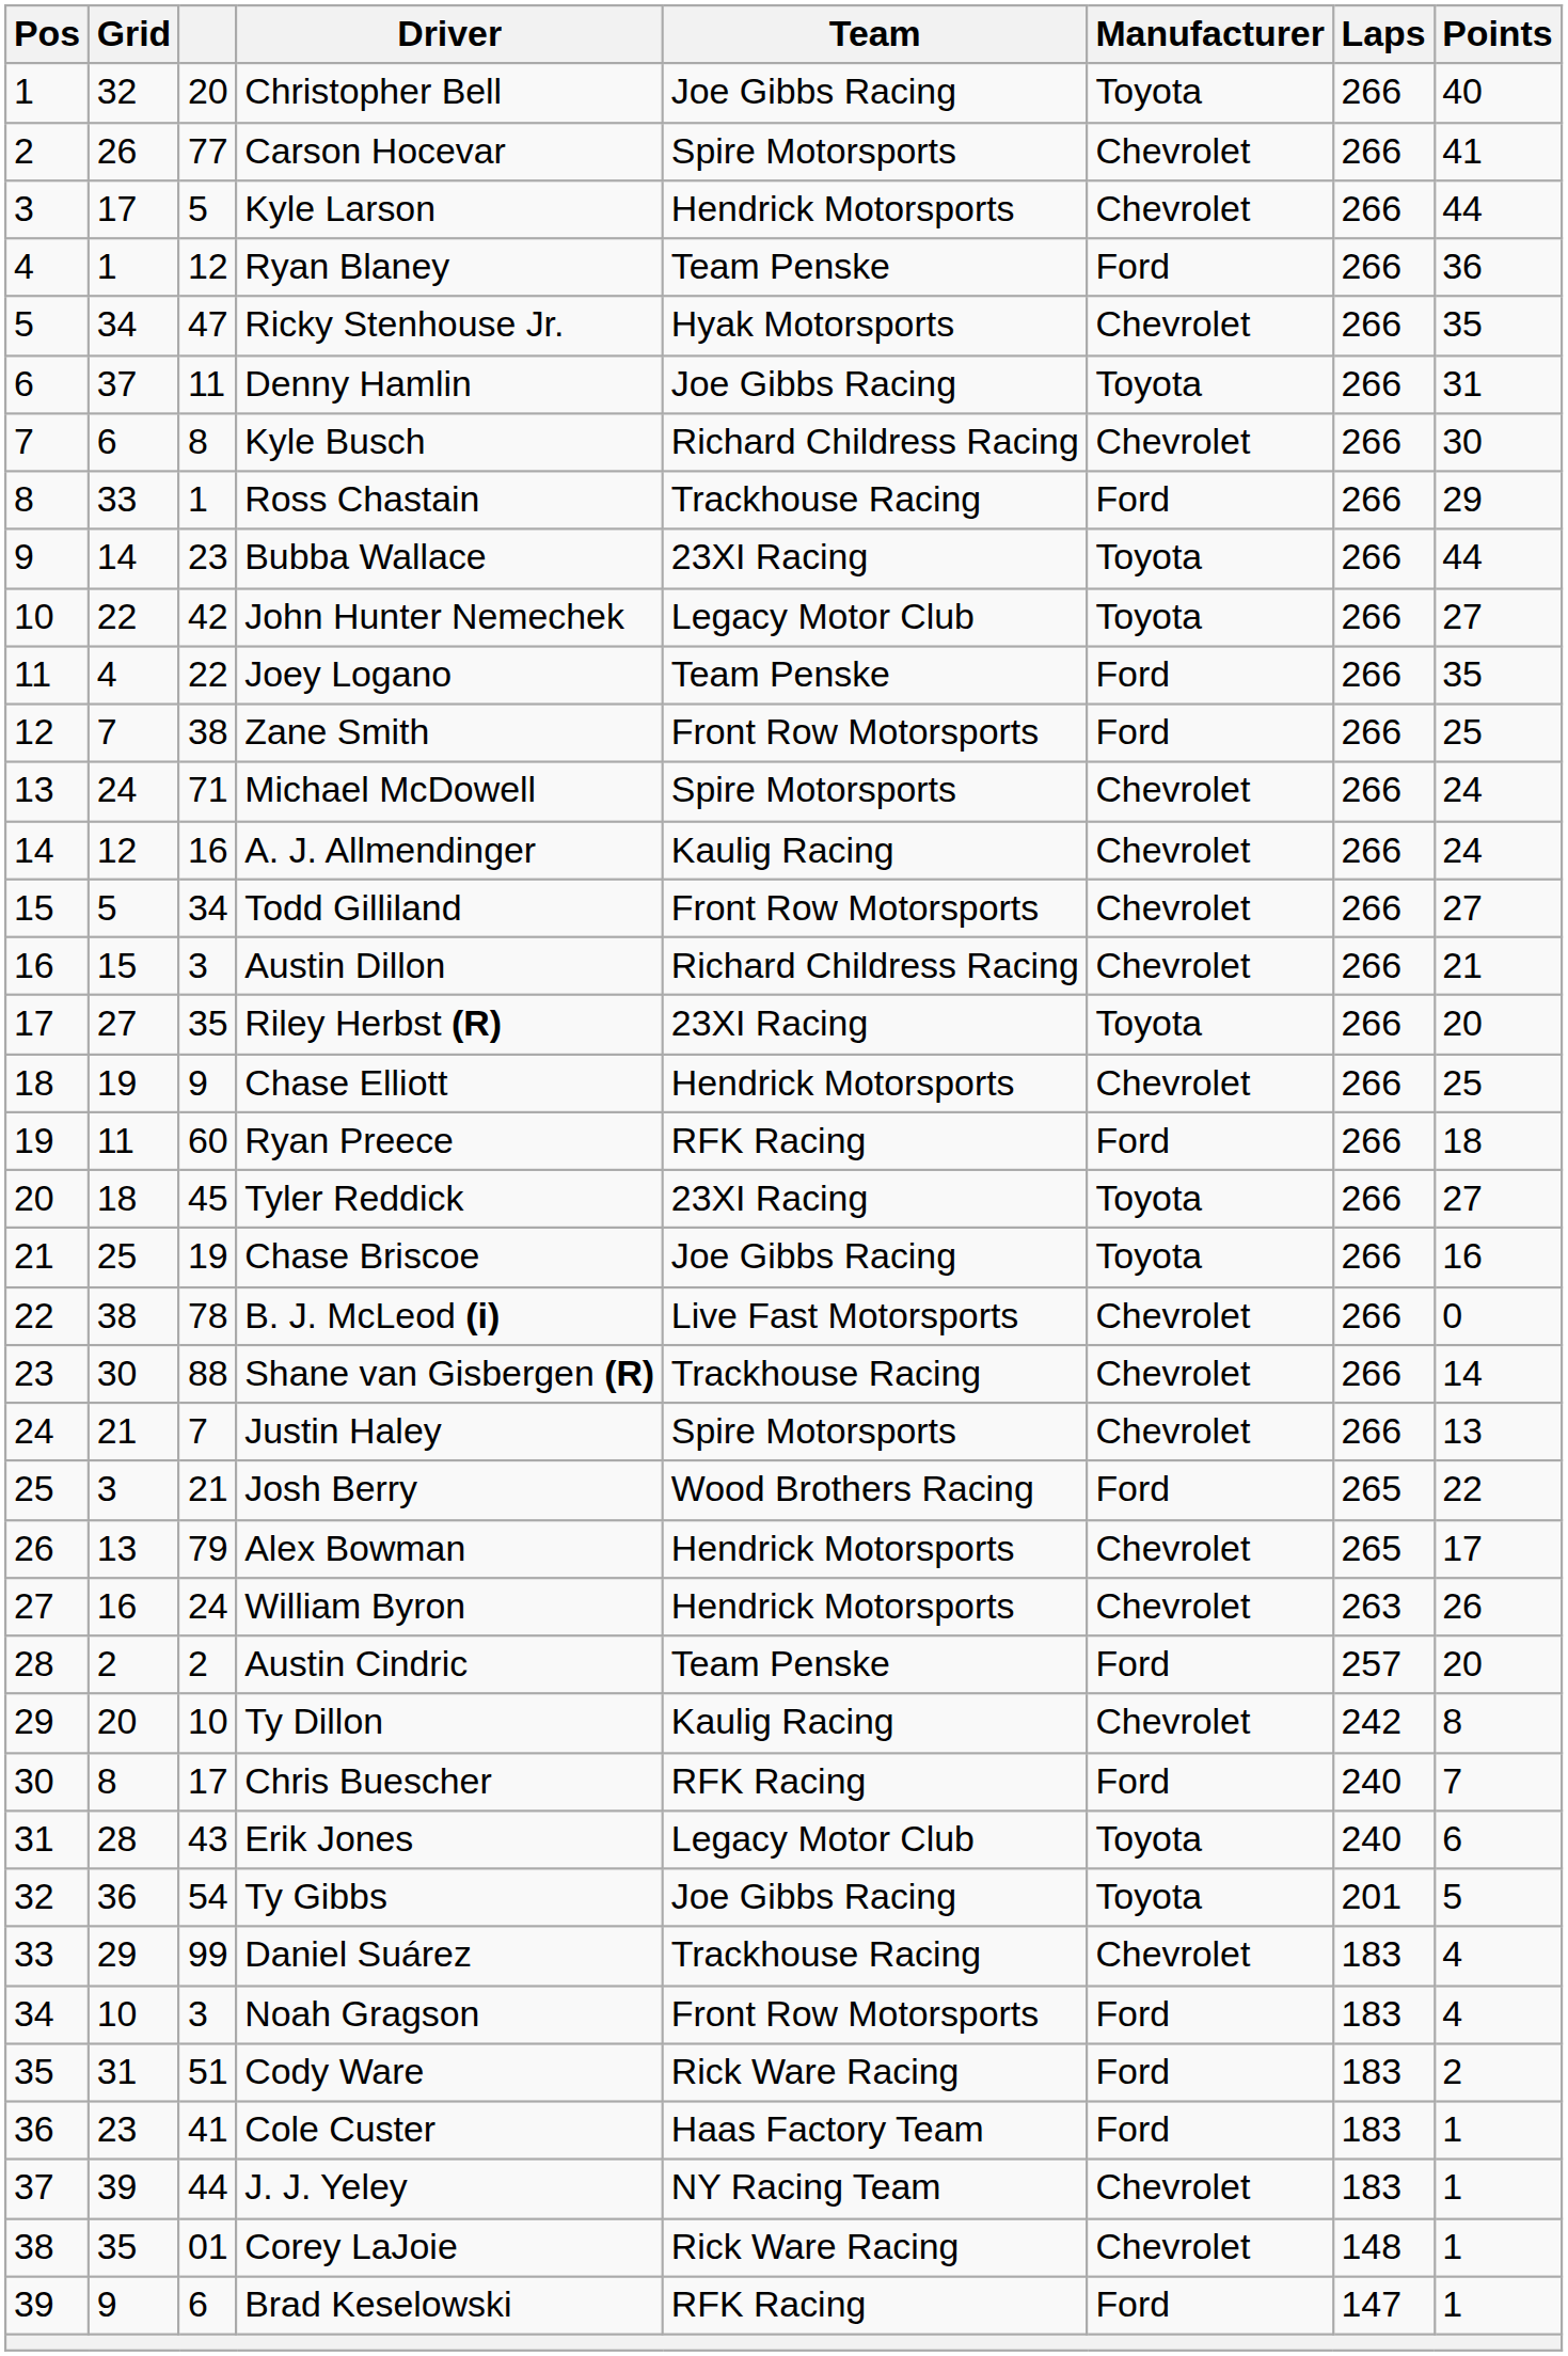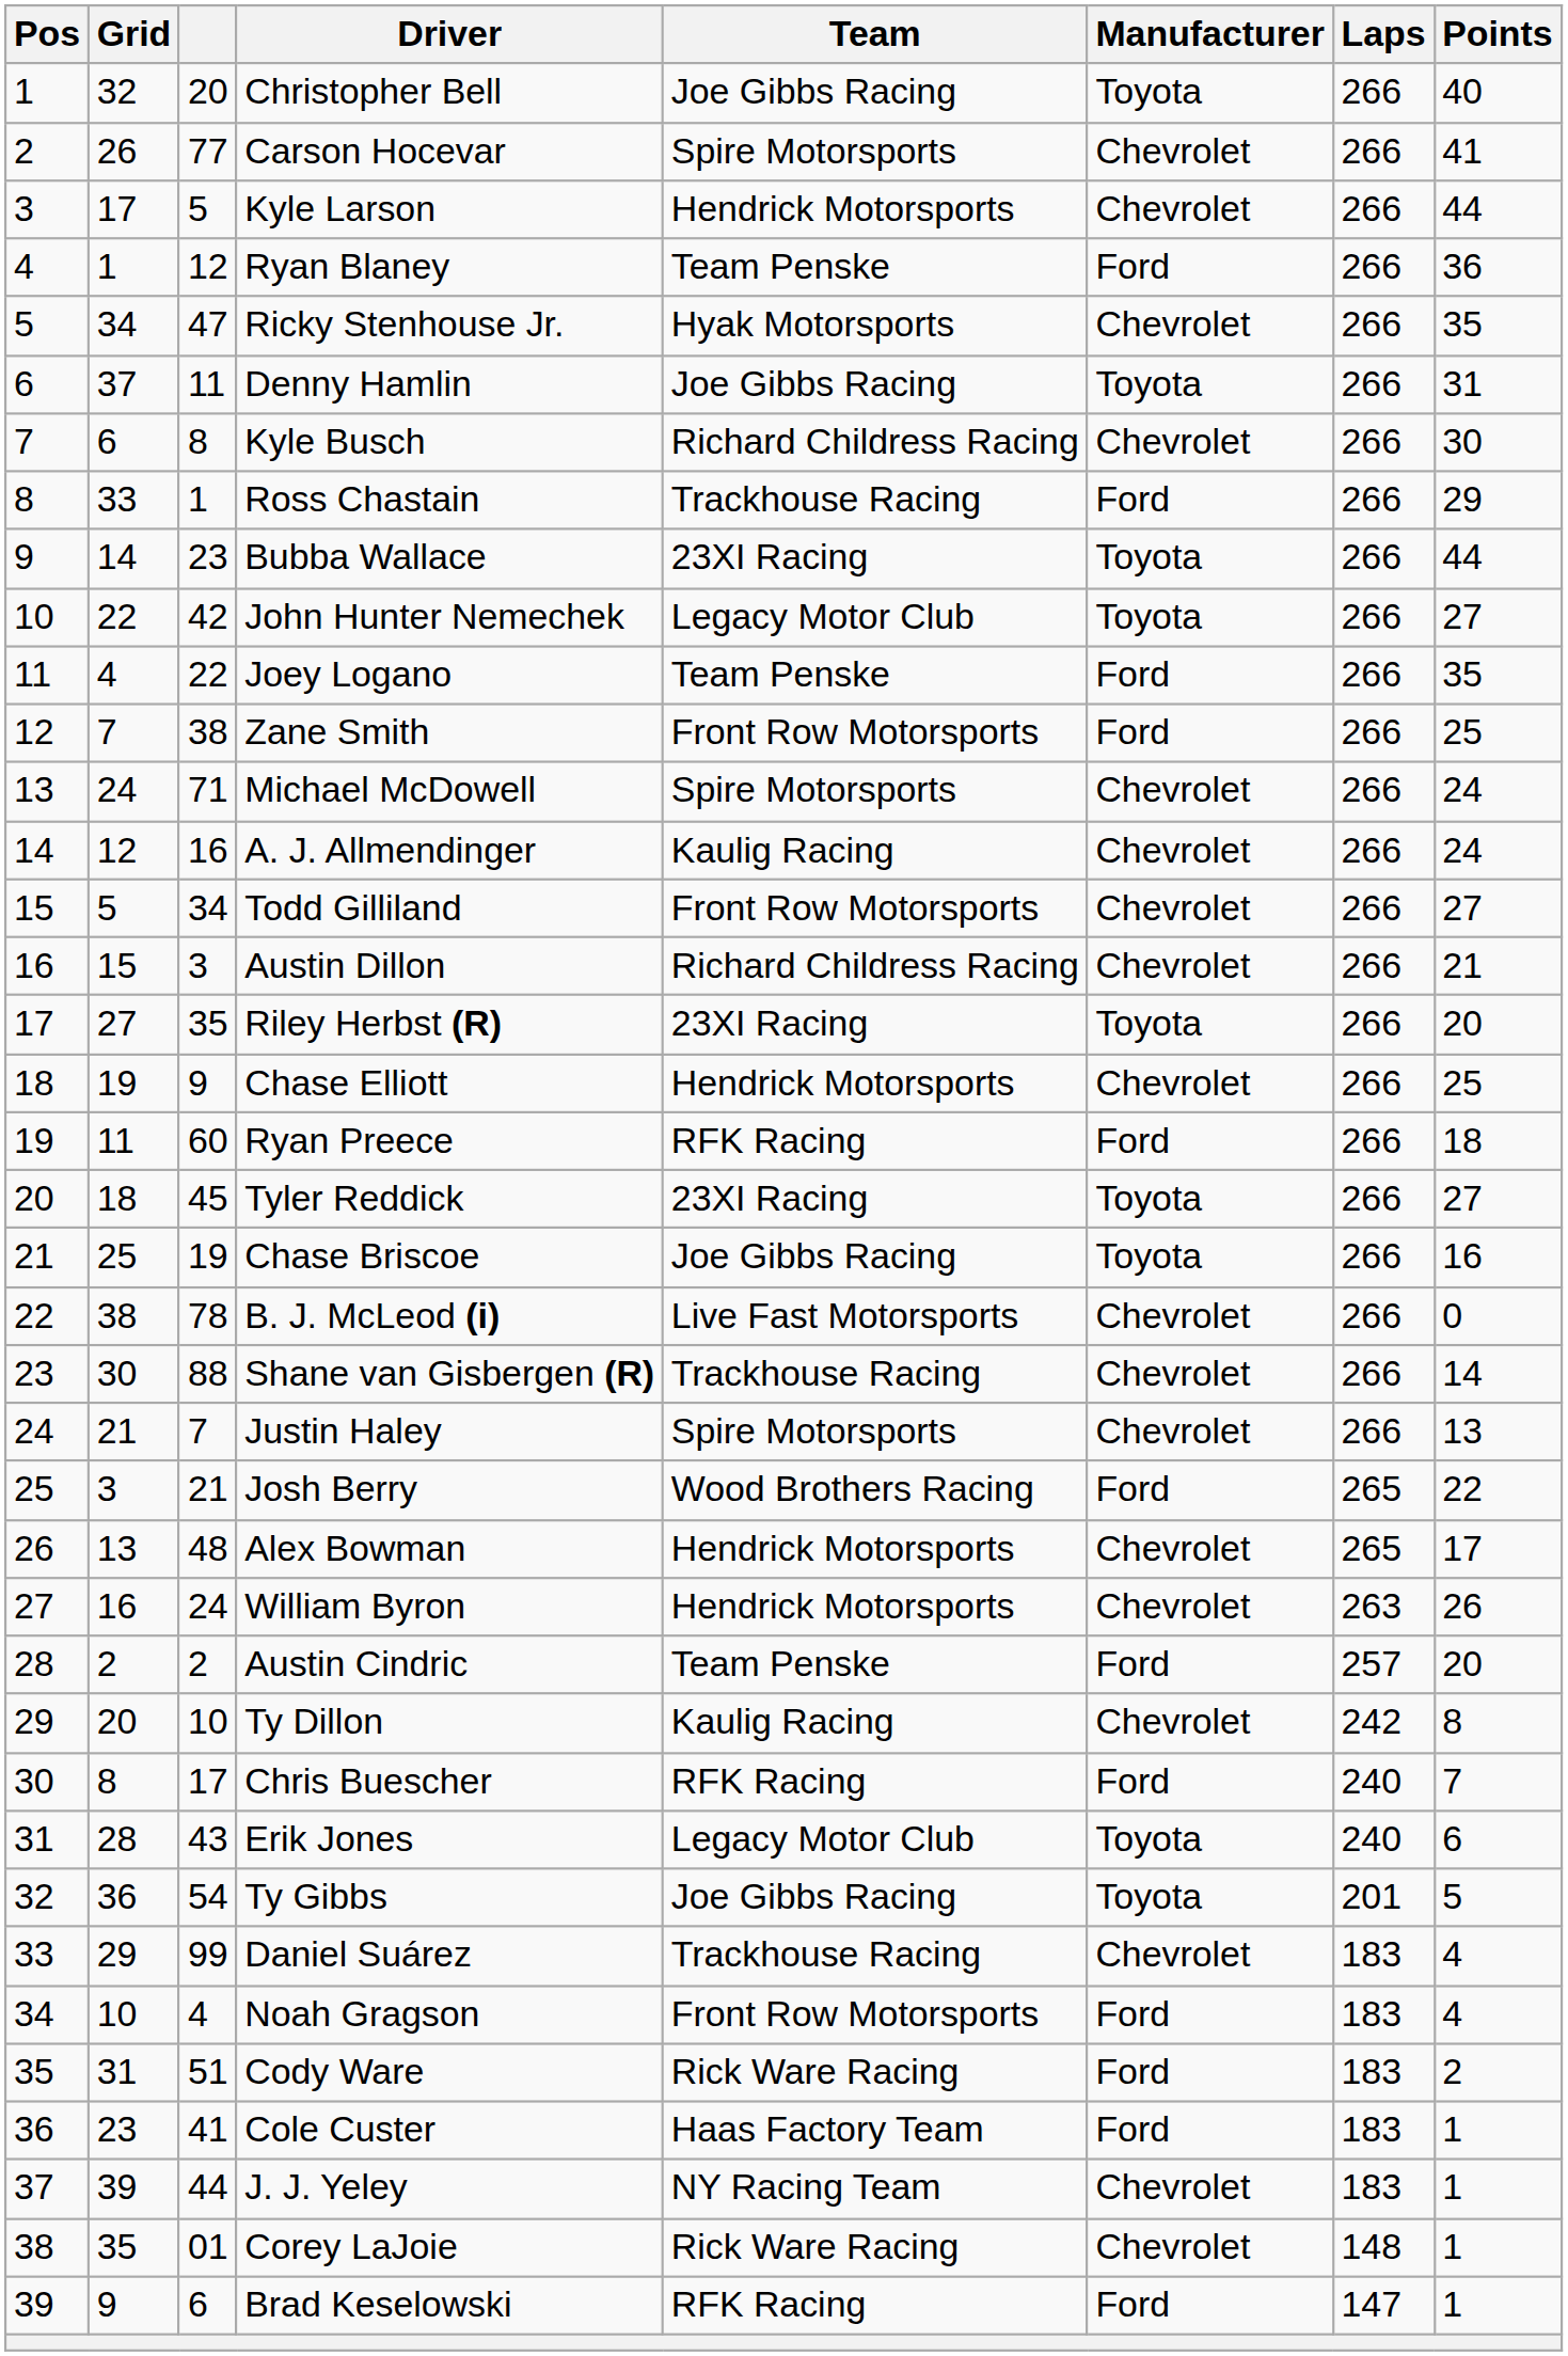 <table class="wikitable" style="font-size:98%">
 <tr>
 <th>Pos</th>
 <th>Grid</th>
 <th></th>
 <th>Driver</th>
 <th>Team</th>
 <th>Manufacturer</th>
 <th>Laps</th>
 <th>Points</th>
 </tr>
 <tr>
 <td>1</td>
 <td>32</td>
 <td>20</td>
 <td>Christopher Bell</td>
 <td>Joe Gibbs Racing</td>
 <td>Toyota</td>
 <td>266</td>
 <td>40</td>
 </tr>
 <tr>
 <td>2</td>
 <td>26</td>
 <td>77</td>
 <td>Carson Hocevar</td>
 <td>Spire Motorsports</td>
 <td>Chevrolet</td>
 <td>266</td>
 <td>41</td>
 </tr>
 <tr>
 <td>3</td>
 <td>17</td>
 <td>5</td>
 <td>Kyle Larson</td>
 <td>Hendrick Motorsports</td>
 <td>Chevrolet</td>
 <td>266</td>
 <td>44</td>
 </tr>
 <tr>
 <td>4</td>
 <td>1</td>
 <td>12</td>
 <td>Ryan Blaney</td>
 <td>Team Penske</td>
 <td>Ford</td>
 <td>266</td>
 <td>36</td>
 </tr>
 <tr>
 <td>5</td>
 <td>34</td>
 <td>47</td>
 <td>Ricky Stenhouse Jr.</td>
 <td>Hyak Motorsports</td>
 <td>Chevrolet</td>
 <td>266</td>
 <td>35</td>
 </tr>
 <tr>
 <td>6</td>
 <td>37</td>
 <td>11</td>
 <td>Denny Hamlin</td>
 <td>Joe Gibbs Racing</td>
 <td>Toyota</td>
 <td>266</td>
 <td>31</td>
 </tr>
 <tr>
 <td>7</td>
 <td>6</td>
 <td>8</td>
 <td>Kyle Busch</td>
 <td>Richard Childress Racing</td>
 <td>Chevrolet</td>
 <td>266</td>
 <td>30</td>
 </tr>
 <tr>
 <td>8</td>
 <td>33</td>
 <td>1</td>
 <td>Ross Chastain</td>
 <td>Trackhouse Racing</td>
 <td>Ford</td>
 <td>266</td>
 <td>29</td>
 </tr>
 <tr>
 <td>9</td>
 <td>14</td>
 <td>23</td>
 <td>Bubba Wallace</td>
 <td>23XI Racing</td>
 <td>Toyota</td>
 <td>266</td>
 <td>44</td>
 </tr>
 <tr>
 <td>10</td>
 <td>22</td>
 <td>42</td>
 <td>John Hunter Nemechek</td>
 <td>Legacy Motor Club</td>
 <td>Toyota</td>
 <td>266</td>
 <td>27</td>
 </tr>
 <tr>
 <td>11</td>
 <td>4</td>
 <td>22</td>
 <td>Joey Logano</td>
 <td>Team Penske</td>
 <td>Ford</td>
 <td>266</td>
 <td>35</td>
 </tr>
 <tr>
 <td>12</td>
 <td>7</td>
 <td>38</td>
 <td>Zane Smith</td>
 <td>Front Row Motorsports</td>
 <td>Ford</td>
 <td>266</td>
 <td>25</td>
 </tr>
 <tr>
 <td>13</td>
 <td>24</td>
 <td>71</td>
 <td>Michael McDowell</td>
 <td>Spire Motorsports</td>
 <td>Chevrolet</td>
 <td>266</td>
 <td>24</td>
 </tr>
 <tr>
 <td>14</td>
 <td>12</td>
 <td>16</td>
 <td>A. J. Allmendinger</td>
 <td>Kaulig Racing</td>
 <td>Chevrolet</td>
 <td>266</td>
 <td>24</td>
 </tr>
 <tr>
 <td>15</td>
 <td>5</td>
 <td>34</td>
 <td>Todd Gilliland</td>
 <td>Front Row Motorsports</td>
 <td>Chevrolet</td>
 <td>266</td>
 <td>27</td>
 </tr>
 <tr>
 <td>16</td>
 <td>15</td>
 <td>3</td>
 <td>Austin Dillon</td>
 <td>Richard Childress Racing</td>
 <td>Chevrolet</td>
 <td>266</td>
 <td>21</td>
 </tr>
 <tr>
 <td>17</td>
 <td>27</td>
 <td>35</td>
 <td>Riley Herbst <strong>(R)</strong></td>
 <td>23XI Racing</td>
 <td>Toyota</td>
 <td>266</td>
 <td>20</td>
 </tr>
 <tr>
 <td>18</td>
 <td>19</td>
 <td>9</td>
 <td>Chase Elliott</td>
 <td>Hendrick Motorsports</td>
 <td>Chevrolet</td>
 <td>266</td>
 <td>25</td>
 </tr>
 <tr>
 <td>19</td>
 <td>11</td>
 <td>60</td>
 <td>Ryan Preece</td>
 <td>RFK Racing</td>
 <td>Ford</td>
 <td>266</td>
 <td>18</td>
 </tr>
 <tr>
 <td>20</td>
 <td>18</td>
 <td>45</td>
 <td>Tyler Reddick</td>
 <td>23XI Racing</td>
 <td>Toyota</td>
 <td>266</td>
 <td>27</td>
 </tr>
 <tr>
 <td>21</td>
 <td>25</td>
 <td>19</td>
 <td>Chase Briscoe</td>
 <td>Joe Gibbs Racing</td>
 <td>Toyota</td>
 <td>266</td>
 <td>16</td>
 </tr>
 <tr>
 <td>22</td>
 <td>38</td>
 <td>78</td>
 <td>B. J. McLeod <strong>(i)</strong></td>
 <td>Live Fast Motorsports</td>
 <td>Chevrolet</td>
 <td>266</td>
 <td>0</td>
 </tr>
 <tr>
 <td>23</td>
 <td>30</td>
 <td>88</td>
 <td>Shane van Gisbergen <strong>(R)</strong></td>
 <td>Trackhouse Racing</td>
 <td>Chevrolet</td>
 <td>266</td>
 <td>14</td>
 </tr>
 <tr>
 <td>24</td>
 <td>21</td>
 <td>7</td>
 <td>Justin Haley</td>
 <td>Spire Motorsports</td>
 <td>Chevrolet</td>
 <td>266</td>
 <td>13</td>
 </tr>
 <tr>
 <td>25</td>
 <td>3</td>
 <td>21</td>
 <td>Josh Berry</td>
 <td>Wood Brothers Racing</td>
 <td>Ford</td>
 <td>265</td>
 <td>22</td>
 </tr>
 <tr>
 <td>26</td>
 <td>13</td>
-<td>79</td>
+<td>48</td>
 <td>Alex Bowman</td>
 <td>Hendrick Motorsports</td>
 <td>Chevrolet</td>
 <td>265</td>
 <td>17</td>
 </tr>
 <tr>
 <td>27</td>
 <td>16</td>
 <td>24</td>
 <td>William Byron</td>
 <td>Hendrick Motorsports</td>
 <td>Chevrolet</td>
 <td>263</td>
 <td>26</td>
 </tr>
 <tr>
 <td>28</td>
 <td>2</td>
 <td>2</td>
 <td>Austin Cindric</td>
 <td>Team Penske</td>
 <td>Ford</td>
 <td>257</td>
 <td>20</td>
 </tr>
 <tr>
 <td>29</td>
 <td>20</td>
 <td>10</td>
 <td>Ty Dillon</td>
 <td>Kaulig Racing</td>
 <td>Chevrolet</td>
 <td>242</td>
 <td>8</td>
 </tr>
 <tr>
 <td>30</td>
 <td>8</td>
 <td>17</td>
 <td>Chris Buescher</td>
 <td>RFK Racing</td>
 <td>Ford</td>
 <td>240</td>
 <td>7</td>
 </tr>
 <tr>
 <td>31</td>
 <td>28</td>
 <td>43</td>
 <td>Erik Jones</td>
 <td>Legacy Motor Club</td>
 <td>Toyota</td>
 <td>240</td>
 <td>6</td>
 </tr>
 <tr>
 <td>32</td>
 <td>36</td>
 <td>54</td>
 <td>Ty Gibbs</td>
 <td>Joe Gibbs Racing</td>
 <td>Toyota</td>
 <td>201</td>
 <td>5</td>
 </tr>
 <tr>
 <td>33</td>
 <td>29</td>
 <td>99</td>
 <td>Daniel Suárez</td>
 <td>Trackhouse Racing</td>
 <td>Chevrolet</td>
 <td>183</td>
 <td>4</td>
 </tr>
 <tr>
 <td>34</td>
 <td>10</td>
-<td>3</td>
+<td>4</td>
 <td>Noah Gragson</td>
 <td>Front Row Motorsports</td>
 <td>Ford</td>
 <td>183</td>
 <td>4</td>
 </tr>
 <tr>
 <td>35</td>
 <td>31</td>
 <td>51</td>
 <td>Cody Ware</td>
 <td>Rick Ware Racing</td>
 <td>Ford</td>
 <td>183</td>
 <td>2</td>
 </tr>
 <tr>
 <td>36</td>
 <td>23</td>
 <td>41</td>
 <td>Cole Custer</td>
 <td>Haas Factory Team</td>
 <td>Ford</td>
 <td>183</td>
 <td>1</td>
 </tr>
 <tr>
 <td>37</td>
 <td>39</td>
 <td>44</td>
 <td>J. J. Yeley</td>
 <td>NY Racing Team</td>
 <td>Chevrolet</td>
 <td>183</td>
 <td>1</td>
 </tr>
 <tr>
 <td>38</td>
 <td>35</td>
 <td>01</td>
 <td>Corey LaJoie</td>
 <td>Rick Ware Racing</td>
 <td>Chevrolet</td>
 <td>148</td>
 <td>1</td>
 </tr>
 <tr>
 <td>39</td>
 <td>9</td>
 <td>6</td>
 <td>Brad Keselowski</td>
 <td>RFK Racing</td>
 <td>Ford</td>
 <td>147</td>
 <td>1</td>
 </tr>
 <tr>
 <th colspan="8"></th>
 </tr>
 </table>
